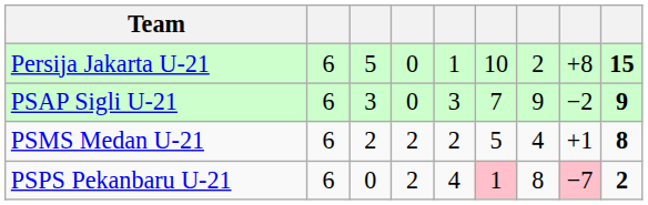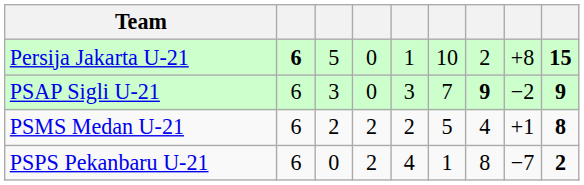 <table class="wikitable" style="text-align:center">
 <tr>
 <th width=190>Team</th>
 <th width=20></th>
 <th width=20></th>
 <th width=20></th>
 <th width=20></th>
 <th width=20></th>
 <th width=20></th>
 <th width=20></th>
 <th width=20></th>
 </tr>
 <tr bgcolor="#ccffcc">
 <td align=left><a href='#'>Persija Jakarta U-21</a></td>
-<td>6</td>
+<td><strong>6</strong></td>
 <td>5</td>
 <td>0</td>
 <td>1</td>
 <td>10</td>
 <td>2</td>
 <td>+8</td>
 <td><strong>15</strong></td>
 </tr>
 <tr bgcolor="#ccffcc">
 <td align=left><a href='#'>PSAP Sigli U-21</a></td>
 <td>6</td>
 <td>3</td>
 <td>0</td>
 <td>3</td>
 <td>7</td>
-<td>9</td>
+<td><strong>9</strong></td>
 <td>−2</td>
 <td><strong>9</strong></td>
 </tr>
 <tr>
 <td align=left><a href='#'>PSMS Medan U-21</a></td>
 <td>6</td>
 <td>2</td>
 <td>2</td>
 <td>2</td>
 <td>5</td>
 <td>4</td>
 <td>+1</td>
 <td><strong>8</strong></td>
 </tr>
 <tr>
 <td align=left><a href='#'>PSPS Pekanbaru U-21</a></td>
 <td>6</td>
 <td>0</td>
 <td>2</td>
 <td>4</td>
-<td style="background: pink;">1</td>
+<td>1</td>
 <td>8</td>
-<td style="background: pink;">−7</td>
+<td>−7</td>
 <td><strong>2</strong></td>
 </tr>
 </table>
